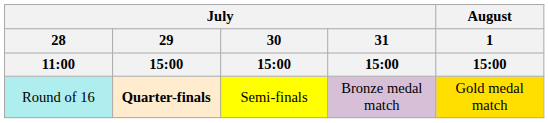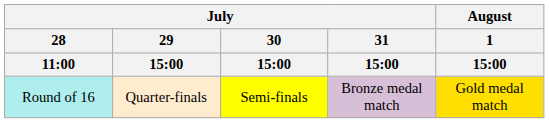 <table class="wikitable" style="text-align: center; font-size: 90%;">
 <tr>
 <th colspan=4>July</th>
 <th>August</th>
 </tr>
 <tr>
 <th width=100>28</th>
 <th width=100>29</th>
 <th width=100>30</th>
 <th width=100>31</th>
 <th width=100>1</th>
 </tr>
 <tr>
 <th>11:00</th>
 <th>15:00</th>
 <th>15:00</th>
 <th>15:00</th>
 <th>15:00</th>
 </tr>
 <tr>
 <td bgcolor="#afeeee">Round of 16</td>
-<td bgcolor=#ffebcd><strong>Quarter-finals</strong></td>
+<td bgcolor=#ffebcd>Quarter-finals</td>
 <td bgcolor=#FFFF00>Semi-finals</td>
 <td bgcolor=#D8BFD8>Bronze medal match</td>
 <td bgcolor=#ffdf00>Gold medal match</td>
 </tr>
 </table>
